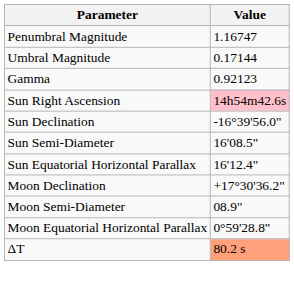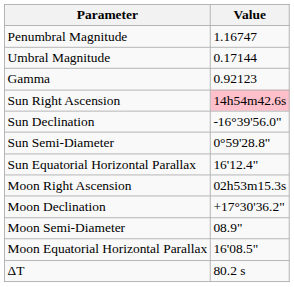 <table class="wikitable">
 <tr>
 <th>Parameter</th>
 <th>Value</th>
 </tr>
 <tr>
 <td>Penumbral Magnitude</td>
 <td>1.16747</td>
 </tr>
 <tr>
 <td>Umbral Magnitude</td>
 <td>0.17144</td>
 </tr>
 <tr>
 <td>Gamma</td>
 <td>0.92123</td>
 </tr>
 <tr>
 <td>Sun Right Ascension</td>
 <td style="background: pink;">14h54m42.6s</td>
 </tr>
 <tr>
 <td>Sun Declination</td>
 <td>-16°39'56.0"</td>
 </tr>
 <tr>
 <td>Sun Semi-Diameter</td>
-<td>16'08.5"</td>
+<td>0°59'28.8"</td>
 </tr>
 <tr>
 <td>Sun Equatorial Horizontal Parallax</td>
 <td>16'12.4"</td>
+</tr>
+<tr>
+<td>Moon Right Ascension</td>
+<td>02h53m15.3s</td>
 </tr>
 <tr>
 <td>Moon Declination</td>
 <td>+17°30'36.2"</td>
 </tr>
 <tr>
 <td>Moon Semi-Diameter</td>
 <td>08.9"</td>
 </tr>
 <tr>
 <td>Moon Equatorial Horizontal Parallax</td>
-<td>0°59'28.8"</td>
+<td>16'08.5"</td>
 </tr>
 <tr>
 <td>ΔT</td>
-<td style="background: lightsalmon;">80.2 s</td>
+<td>80.2 s</td>
 </tr>
 </table>
